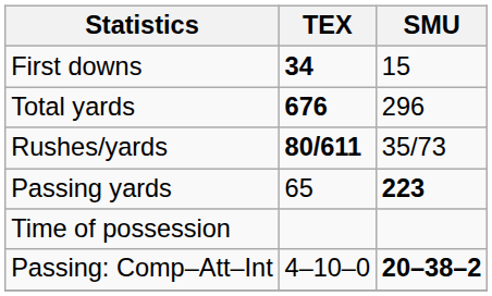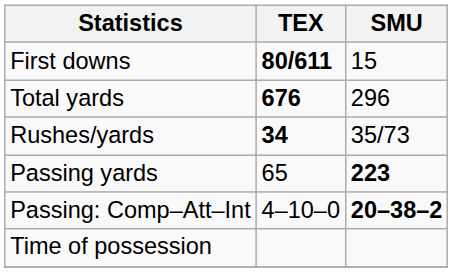 <table class="wikitable" style="float: left;">
 <tr>
 <th>Statistics</th>
 <th>TEX</th>
 <th>SMU</th>
 </tr>
 <tr>
 <td>First downs</td>
-<td><strong>34</strong></td>
+<td><strong>80/611</strong></td>
 <td>15</td>
 </tr>
 <tr>
 <td>Total yards</td>
 <td><strong>676</strong></td>
 <td>296</td>
 </tr>
 <tr>
 <td>Rushes/yards</td>
-<td><strong>80/611</strong></td>
+<td><strong>34</strong></td>
 <td>35/73</td>
 </tr>
 <tr>
 <td>Passing yards</td>
 <td>65</td>
 <td><strong>223</strong></td>
 </tr>
 <tr>
+<td>Passing: Comp–Att–Int</td>
+<td>4–10–0</td>
+<td><strong>20–38–2</strong></td>
+</tr>
+<tr>
 <td>Time of possession</td>
 <td></td>
 <td></td>
 </tr>
 <tr>
-<td>Passing: Comp–Att–Int</td>
-<td>4–10–0</td>
-<td><strong>20–38–2</strong></td>
-</tr>
-<tr>
 </tr>
 </table>
